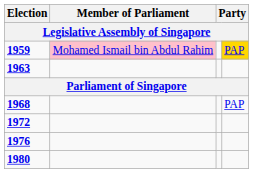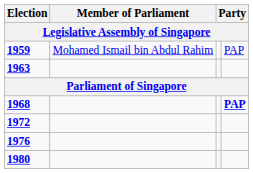 <table class="wikitable">
 <tr>
 <th>Election</th>
 <th>Member of Parliament</th>
 <th colspan="2">Party</th>
 </tr>
 <tr>
 <th colspan="4"><a href='#'>Legislative Assembly of Singapore</a></th>
 </tr>
 <tr>
 <td><a href='#'><strong>1959</strong></a></td>
-<td style="background: pink;"><a href='#'>Mohamed Ismail bin Abdul Rahim</a></td>
+<td><a href='#'>Mohamed Ismail bin Abdul Rahim</a></td>
 <td></td>
-<td style="background: gold;"><a href='#'>PAP</a></td>
+<td><a href='#'>PAP</a></td>
 </tr>
 <tr>
 <td><a href='#'><strong>1963</strong></a></td>
 <td></td>
 <td></td>
 <td></td>
 </tr>
 <tr>
 <th colspan="4"><a href='#'>Parliament of Singapore</a></th>
 </tr>
 <tr>
 <td><a href='#'><strong>1968</strong></a></td>
 <td></td>
 <td></td>
-<td><a href='#'>PAP</a></td>
+<td><strong><a href='#'>PAP</a></strong></td>
 </tr>
 <tr>
 <td><a href='#'><strong>1972</strong></a></td>
 <td></td>
 <td></td>
 <td></td>
 </tr>
 <tr>
 <td><a href='#'><strong>1976</strong></a></td>
 <td></td>
 <td></td>
 <td></td>
 </tr>
 <tr>
 <td><a href='#'><strong>1980</strong></a></td>
 <td></td>
 <td></td>
 <td></td>
 </tr>
 </table>
